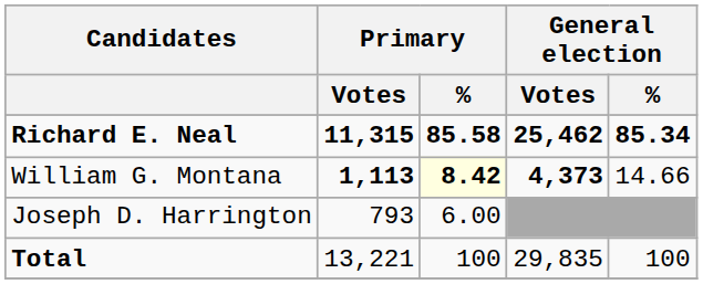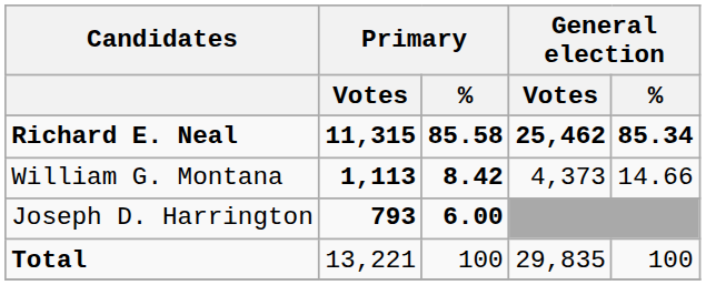 <table class=wikitable>
 <tr>
 <th colspan=1>Candidates</th>
 <th colspan=2>Primary</th>
 <th colspan=2>General<br>election</th>
 </tr>
 <tr>
 <th></th>
 <th>Votes</th>
 <th>%</th>
 <th>Votes</th>
 <th>%</th>
 </tr>
 <tr>
 <td><strong>Richard E. Neal</strong></td>
 <td align="right"><strong>11,315</strong></td>
 <td align="right"><strong>85.58</strong></td>
 <td align="right"><strong>25,462</strong></td>
 <td align="right"><strong>85.34</strong></td>
 </tr>
 <tr>
 <td>William G. Montana</td>
 <td align="right"><strong>1,113</strong></td>
-<td align="right" style="background: lightyellow;"><strong>8.42</strong></td>
-<td align="right"><strong>4,373</strong></td>
+<td align="right"><strong>8.42</strong></td>
+<td align="right">4,373</td>
 <td align="right">14.66</td>
 </tr>
 <tr>
 <td>Joseph D.  Harrington</td>
-<td align="right">793</td>
-<td align="right">6.00</td>
+<td align="right"><strong>793</strong></td>
+<td align="right"><strong>6.00</strong></td>
 <td colspan=2 bgcolor=darkgray></td>
 </tr>
 <tr>
 <td><strong>Total</strong></td>
 <td align="right">13,221</td>
 <td align="right">100</td>
 <td align="right">29,835</td>
 <td align="right">100</td>
 </tr>
 <tr>
 </tr>
 </table>
